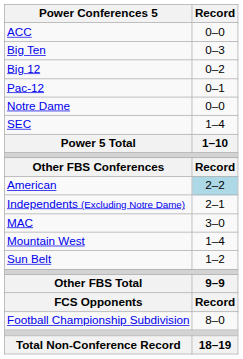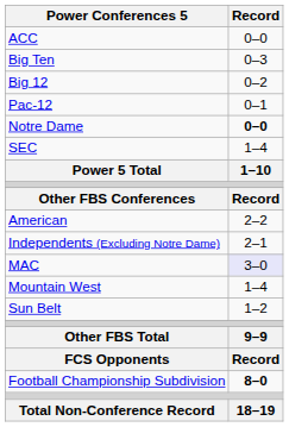 <table class="wikitable">
 <tr>
 <th>Power Conferences 5</th>
 <th>Record</th>
 </tr>
 <tr>
 <td><a href='#'>ACC</a></td>
 <td align=center>0–0</td>
 </tr>
 <tr>
 <td><a href='#'>Big Ten</a></td>
 <td align=center>0–3</td>
 </tr>
 <tr>
 <td><a href='#'>Big 12</a></td>
 <td align=center>0–2</td>
 </tr>
 <tr>
 <td><a href='#'>Pac-12</a></td>
 <td align=center>0–1</td>
 </tr>
 <tr>
 <td><a href='#'>Notre Dame</a></td>
-<td align=center>0–0</td>
+<td align=center><strong>0–0</strong></td>
 </tr>
 <tr>
 <td><a href='#'>SEC</a></td>
 <td align=center>1–4</td>
 </tr>
 <tr>
 <th>Power 5 Total</th>
 <th>1–10</th>
 </tr>
 <tr>
 <th colspan="2" style="background:lightgrey;"></th>
 </tr>
 <tr>
 <th>Other FBS Conferences</th>
 <th>Record</th>
 </tr>
 <tr>
 <td><a href='#'>American</a></td>
-<td align=center style="background: lightblue;">2–2</td>
+<td align=center>2–2</td>
 </tr>
 <tr>
 <td><a href='#'>Independents <small>(Excluding Notre Dame)</small></a></td>
 <td align=center>2–1</td>
 </tr>
 <tr>
 <td><a href='#'>MAC</a></td>
-<td align=center>3–0</td>
+<td align=center style="background: lavender;">3–0</td>
 </tr>
 <tr>
 <td><a href='#'>Mountain West</a></td>
 <td align=center>1–4</td>
 </tr>
 <tr>
 <td><a href='#'>Sun Belt</a></td>
 <td align=center>1–2</td>
 </tr>
 <tr>
 <th colspan="2" style="background:lightgrey;"></th>
 </tr>
 <tr>
 <th>Other FBS Total</th>
 <th>9–9</th>
 </tr>
 <tr>
 <th>FCS Opponents</th>
 <th>Record</th>
 </tr>
 <tr>
 <td><a href='#'>Football Championship Subdivision</a></td>
-<td align=center>8–0</td>
+<td align=center><strong>8–0</strong></td>
 </tr>
 <tr>
 <th colspan="2" style="background:lightgrey;"></th>
 </tr>
 <tr>
 <th>Total Non-Conference Record</th>
 <th>18–19</th>
 </tr>
 </table>
